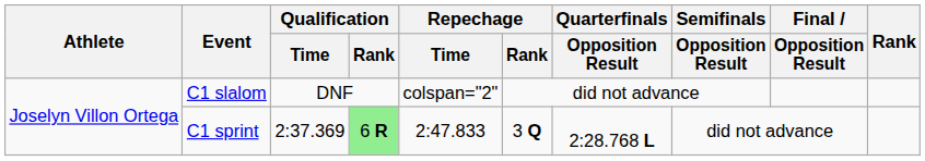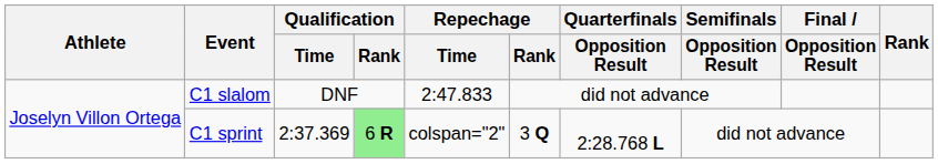 <table class="wikitable" style="font-size:90%;">
 <tr>
 <th rowspan=2>Athlete</th>
 <th rowspan=2>Event</th>
 <th colspan=2>Qualification</th>
 <th colspan=2>Repechage</th>
 <th>Quarterfinals</th>
 <th>Semifinals</th>
 <th>Final / </th>
 <th rowspan=2>Rank</th>
 </tr>
 <tr style="font-size:95%">
 <th>Time</th>
 <th>Rank</th>
 <th>Time</th>
 <th>Rank</th>
 <th>Opposition <br>Result</th>
 <th>Opposition <br>Result</th>
 <th>Opposition <br>Result</th>
 </tr>
 <tr align=center>
 <td rowspan=2 align=left><a href='#'>Joselyn Villon Ortega</a></td>
 <td align=left><a href='#'>C1 slalom</a></td>
 <td colspan="2">DNF</td>
-<td>colspan="2" </td>
+<td>2:47.833</td>
 <td colspan="3">did not advance</td>
 <td></td>
 </tr>
 <tr align=center>
 <td align=left><a href='#'>C1 sprint</a></td>
 <td>2:37.369</td>
 <td style="background: lightgreen;">6 <strong>R</strong></td>
-<td>2:47.833</td>
+<td>colspan="2" </td>
 <td>3 <strong>Q</strong></td>
 <td><br>2:28.768 <strong>L</strong></td>
 <td colspan="2">did not advance</td>
 <td></td>
 </tr>
 </table>
